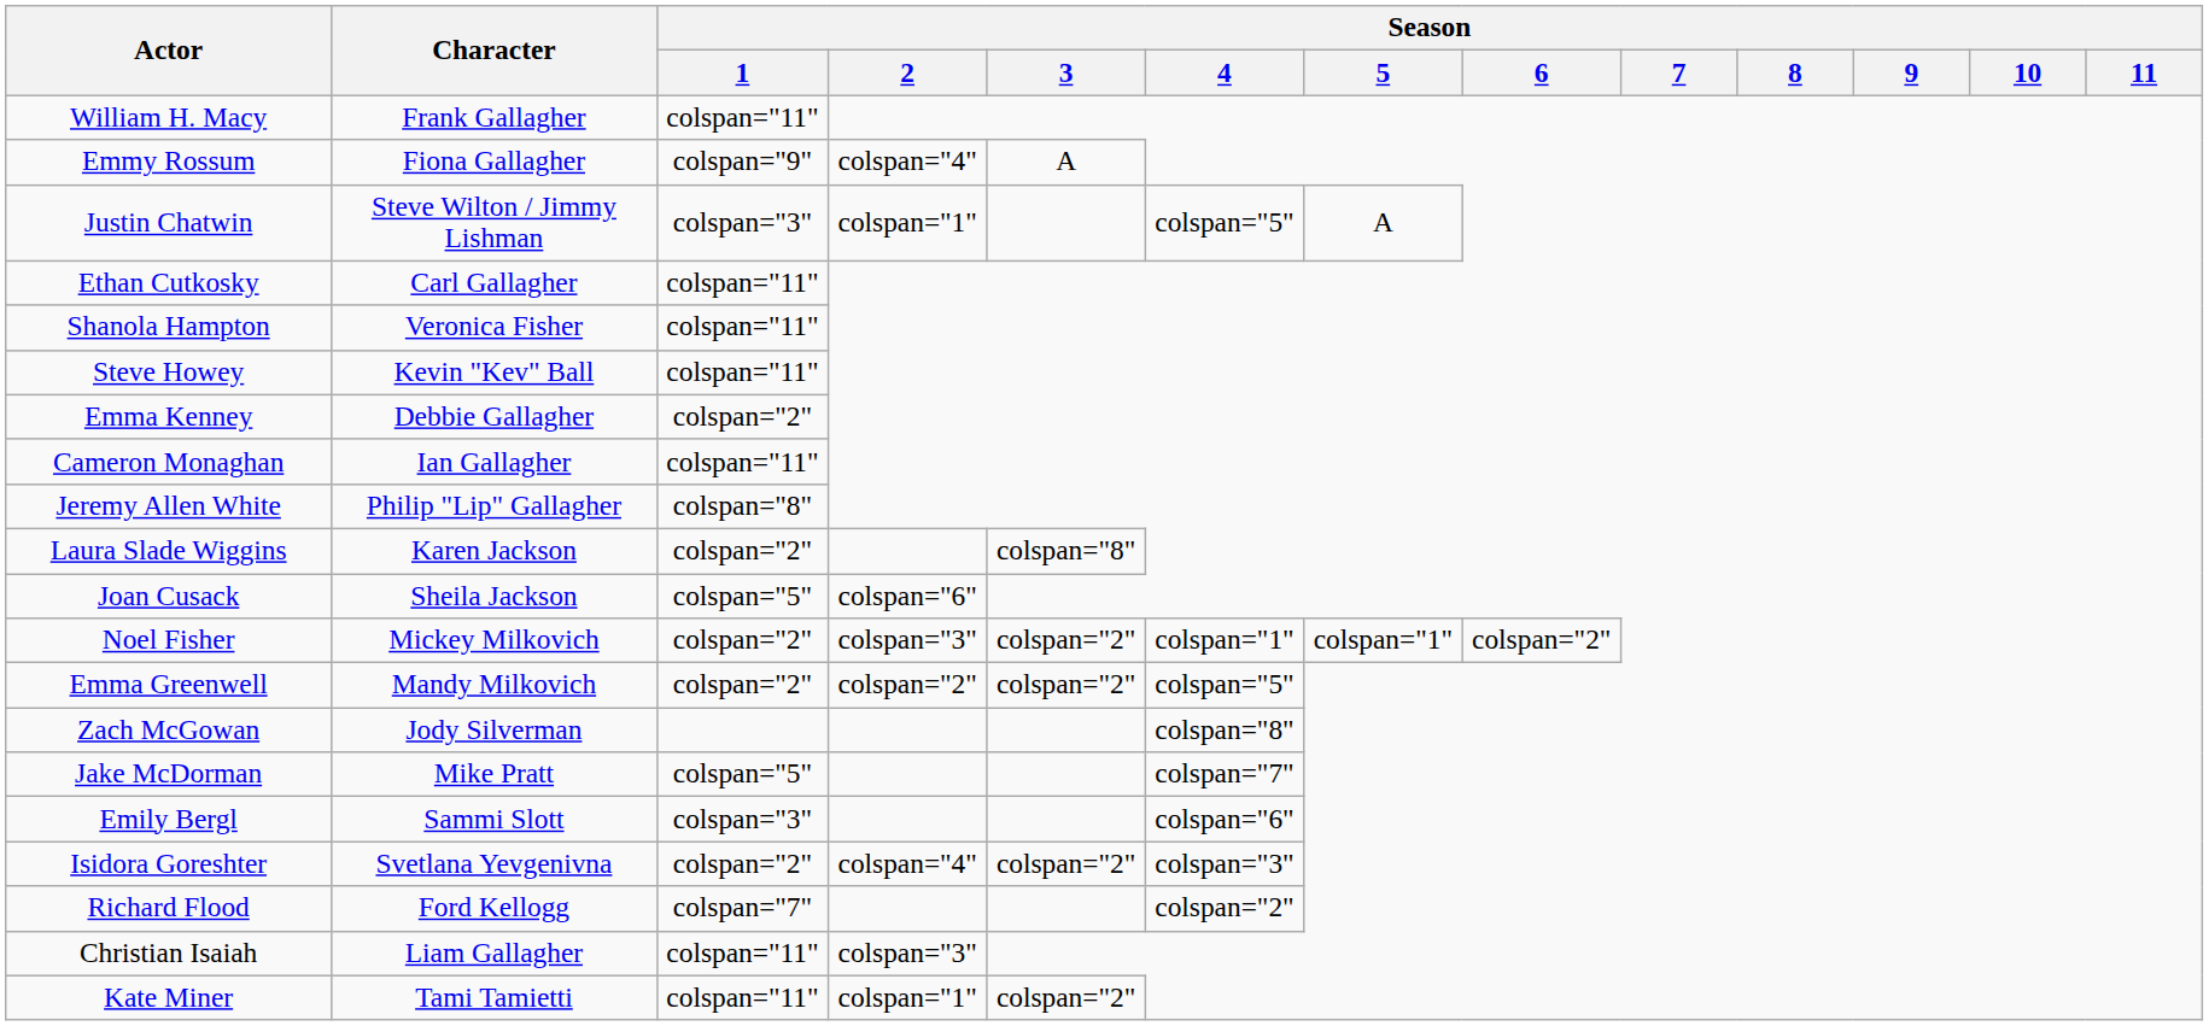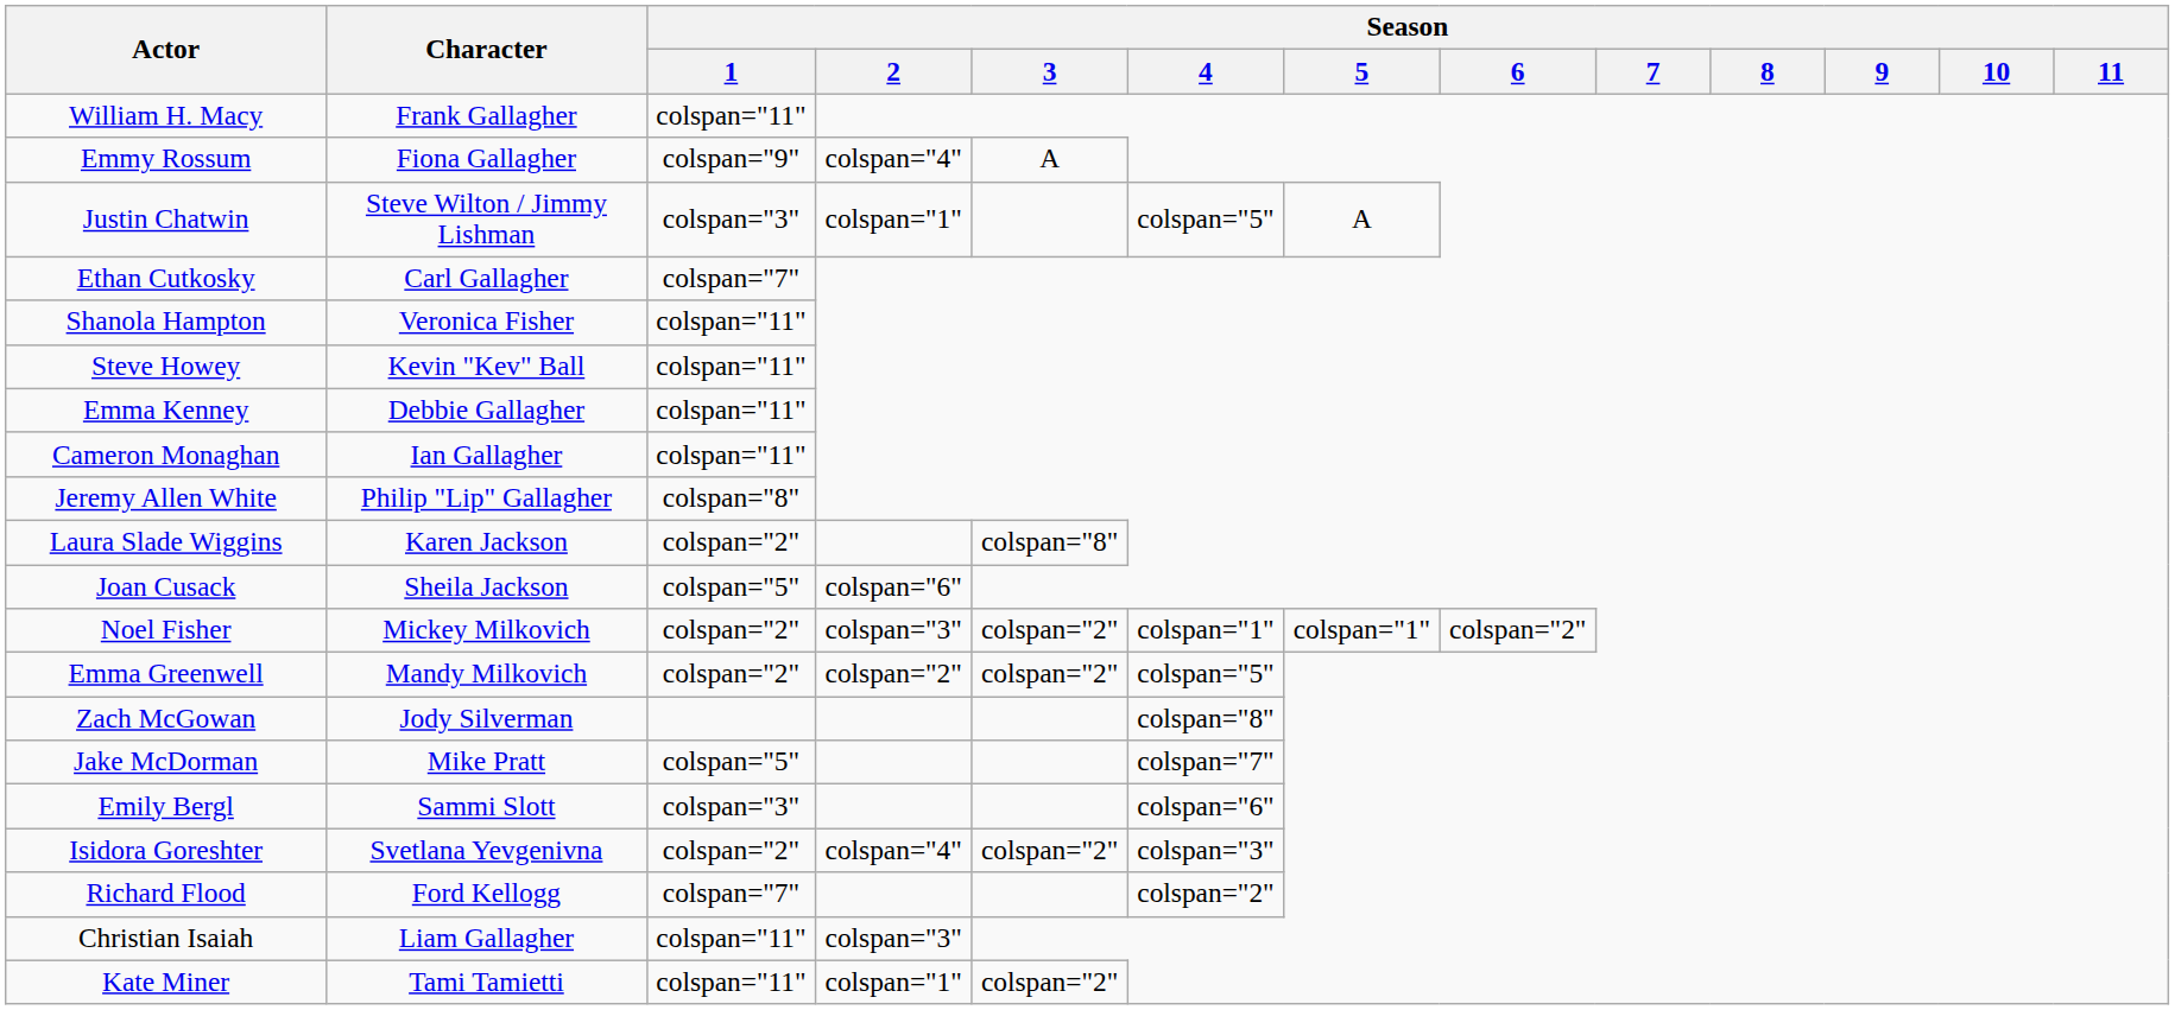 <table class="wikitable plainrowheaders" style="text-align:center">
 <tr>
 <th rowspan="2" width="14%" scope="col">Actor</th>
 <th rowspan="2" width="14%" scope="col">Character</th>
 <th rowspan="1" colspan="11">Season</th>
 </tr>
 <tr>
 <th scope="col" style="width:5%;"><a href='#'>1</a></th>
 <th scope="col" style="width:5%;"><a href='#'>2</a></th>
 <th scope="col" style="width:5%;"><a href='#'>3</a></th>
 <th scope="col" style="width:5%;"><a href='#'>4</a></th>
 <th scope="col" style="width:5%;"><a href='#'>5</a></th>
 <th scope="col" style="width:5%;"><a href='#'>6</a></th>
 <th scope="col" style="width:5%;"><a href='#'>7</a></th>
 <th scope="col" style="width:5%;"><a href='#'>8</a></th>
 <th scope="col" style="width:5%;"><a href='#'>9</a></th>
 <th scope="col" style="width:5%;"><a href='#'>10</a></th>
 <th scope="col" style="width:5%;"><a href='#'>11</a></th>
 </tr>
 <tr>
 <td><a href='#'>William H. Macy</a></td>
 <td><a href='#'>Frank Gallagher</a></td>
 <td>colspan="11" </td>
 </tr>
 <tr>
 <td><a href='#'>Emmy Rossum</a></td>
 <td><a href='#'>Fiona Gallagher</a></td>
 <td>colspan="9" </td>
 <td>colspan="4" </td>
 <td colspan="1" Archive footage>A</td>
 </tr>
 <tr>
 <td><a href='#'>Justin Chatwin</a></td>
 <td><a href='#'>Steve Wilton / Jimmy Lishman</a></td>
 <td>colspan="3" </td>
 <td>colspan="1" </td>
 <td></td>
 <td>colspan="5" </td>
 <td colspan="1" Archive footage>A</td>
 </tr>
 <tr>
 <td><a href='#'>Ethan Cutkosky</a></td>
 <td><a href='#'>Carl Gallagher</a></td>
-<td>colspan="11" </td>
+<td>colspan="7" </td>
 </tr>
 <tr>
 <td><a href='#'>Shanola Hampton</a></td>
 <td><a href='#'>Veronica Fisher</a></td>
 <td>colspan="11" </td>
 </tr>
 <tr>
 <td><a href='#'>Steve Howey</a></td>
 <td><a href='#'>Kevin "Kev" Ball</a></td>
 <td>colspan="11" </td>
 </tr>
 <tr>
 <td><a href='#'>Emma Kenney</a></td>
 <td><a href='#'>Debbie Gallagher</a></td>
-<td>colspan="2" </td>
+<td>colspan="11" </td>
 </tr>
 <tr>
 <td><a href='#'>Cameron Monaghan</a></td>
 <td><a href='#'>Ian Gallagher</a></td>
 <td>colspan="11" </td>
 </tr>
 <tr>
 <td><a href='#'>Jeremy Allen White</a></td>
 <td><a href='#'>Philip "Lip" Gallagher</a></td>
 <td>colspan="8" </td>
 </tr>
 <tr>
 <td><a href='#'>Laura Slade Wiggins</a></td>
 <td><a href='#'>Karen Jackson</a></td>
 <td>colspan="2" </td>
 <td></td>
 <td>colspan="8" </td>
 </tr>
 <tr>
 <td><a href='#'>Joan Cusack</a></td>
 <td><a href='#'>Sheila Jackson</a></td>
 <td>colspan="5" </td>
 <td>colspan="6" </td>
 </tr>
 <tr>
 <td><a href='#'>Noel Fisher</a></td>
 <td><a href='#'>Mickey Milkovich</a></td>
 <td>colspan="2" </td>
 <td>colspan="3" </td>
 <td>colspan="2" </td>
 <td>colspan="1" </td>
 <td>colspan="1" </td>
 <td>colspan="2" </td>
 </tr>
 <tr>
 <td><a href='#'>Emma Greenwell</a></td>
 <td><a href='#'>Mandy Milkovich</a></td>
 <td>colspan="2" </td>
 <td>colspan="2" </td>
 <td>colspan="2" </td>
 <td>colspan="5" </td>
 </tr>
 <tr>
 <td><a href='#'>Zach McGowan</a></td>
 <td><a href='#'>Jody Silverman</a></td>
 <td></td>
 <td></td>
 <td></td>
 <td>colspan="8" </td>
 </tr>
 <tr>
 <td><a href='#'>Jake McDorman</a></td>
 <td><a href='#'>Mike Pratt</a></td>
 <td>colspan="5" </td>
 <td></td>
 <td></td>
 <td>colspan="7" </td>
 </tr>
 <tr>
 <td><a href='#'>Emily Bergl</a></td>
 <td><a href='#'>Sammi Slott</a></td>
 <td>colspan="3" </td>
 <td></td>
 <td></td>
 <td>colspan="6" </td>
 </tr>
 <tr>
 <td><a href='#'>Isidora Goreshter</a></td>
 <td><a href='#'>Svetlana Yevgenivna</a></td>
 <td>colspan="2" </td>
 <td>colspan="4" </td>
 <td>colspan="2" </td>
 <td>colspan="3" </td>
 </tr>
 <tr>
 <td><a href='#'>Richard Flood</a></td>
 <td><a href='#'>Ford Kellogg</a></td>
 <td>colspan="7" </td>
 <td></td>
 <td></td>
 <td>colspan="2" </td>
 </tr>
 <tr>
 <td>Christian Isaiah</td>
 <td><a href='#'>Liam Gallagher</a></td>
 <td>colspan="11" </td>
 <td>colspan="3" </td>
 </tr>
 <tr>
 <td><a href='#'>Kate Miner</a></td>
 <td><a href='#'>Tami Tamietti</a></td>
 <td>colspan="11" </td>
 <td>colspan="1" </td>
 <td>colspan="2" </td>
 </tr>
 </table>
